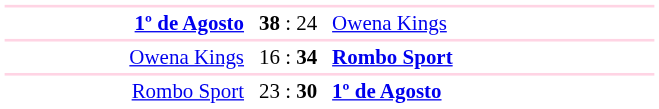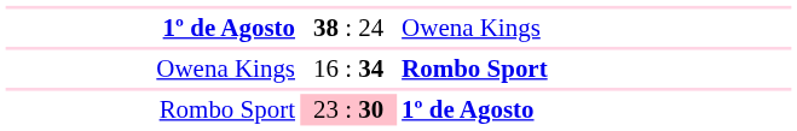 <table style="text-align:center" width=500>
 <tr>
 <th width=30%></th>
 <th width=10%></th>
 <th width=30%></th>
 <th width=10%></th>
 </tr>
 <tr align="left" bgcolor=#ffd4e4>
 <td colspan=4></td>
 </tr>
 <tr>
 <td align="right"><strong><a href='#'>1º de Agosto</a></strong> </td>
 <td><strong>38</strong> : 24</td>
 <td align=left> <a href='#'>Owena Kings</a></td>
 </tr>
 <tr align="left" bgcolor=#ffd4e4>
 <td colspan=4></td>
 </tr>
 <tr>
 <td align="right"><a href='#'>Owena Kings</a> </td>
 <td>16 : <strong>34</strong></td>
 <td align=left> <strong><a href='#'>Rombo Sport</a></strong></td>
 </tr>
 <tr align="left" bgcolor=#ffd4e4>
 <td colspan=4></td>
 </tr>
 <tr>
 <td align="right"><a href='#'>Rombo Sport</a> </td>
-<td>23 : <strong>30</strong></td>
+<td style="background: pink;">23 : <strong>30</strong></td>
 <td align=left> <strong><a href='#'>1º de Agosto</a></strong></td>
 </tr>
 </table>
